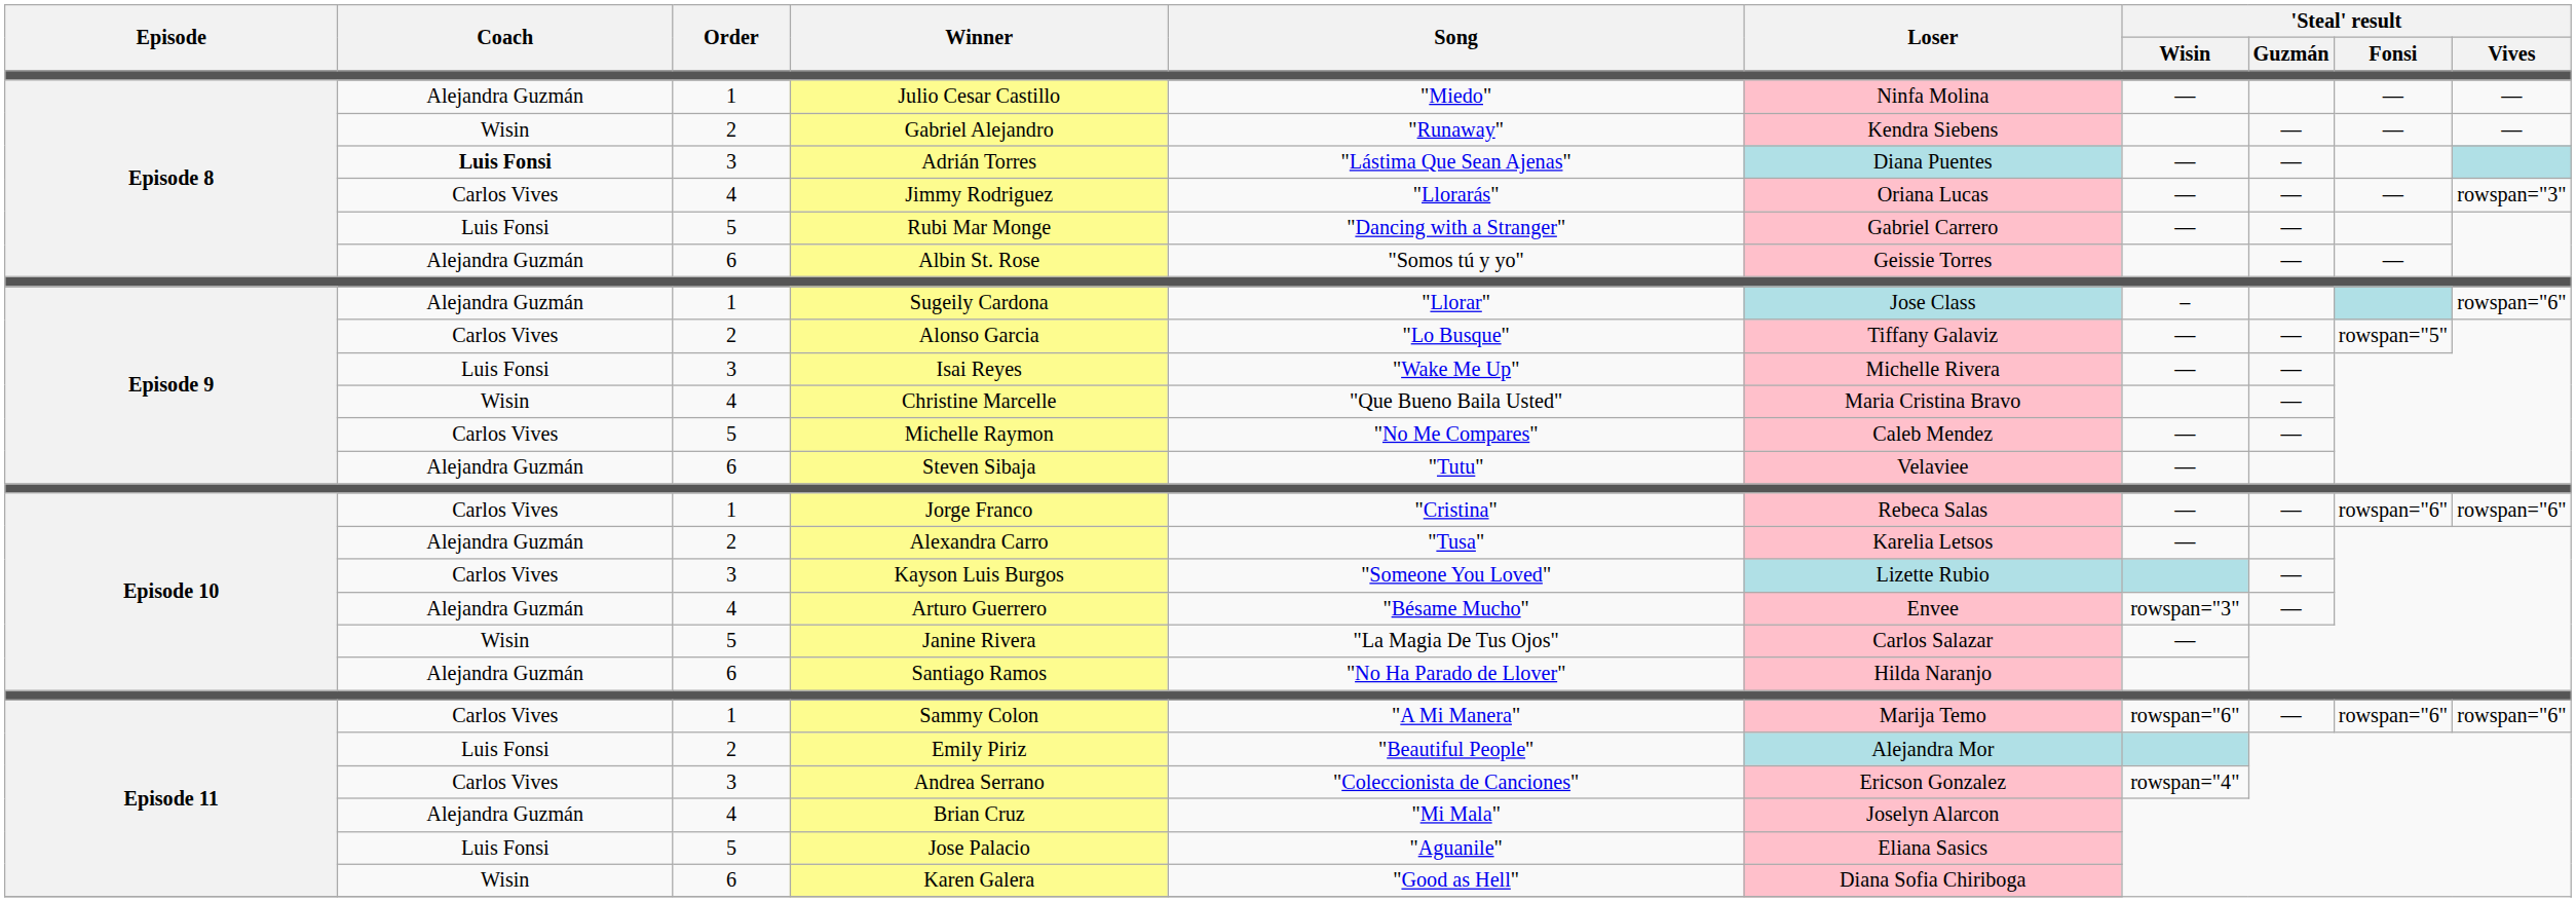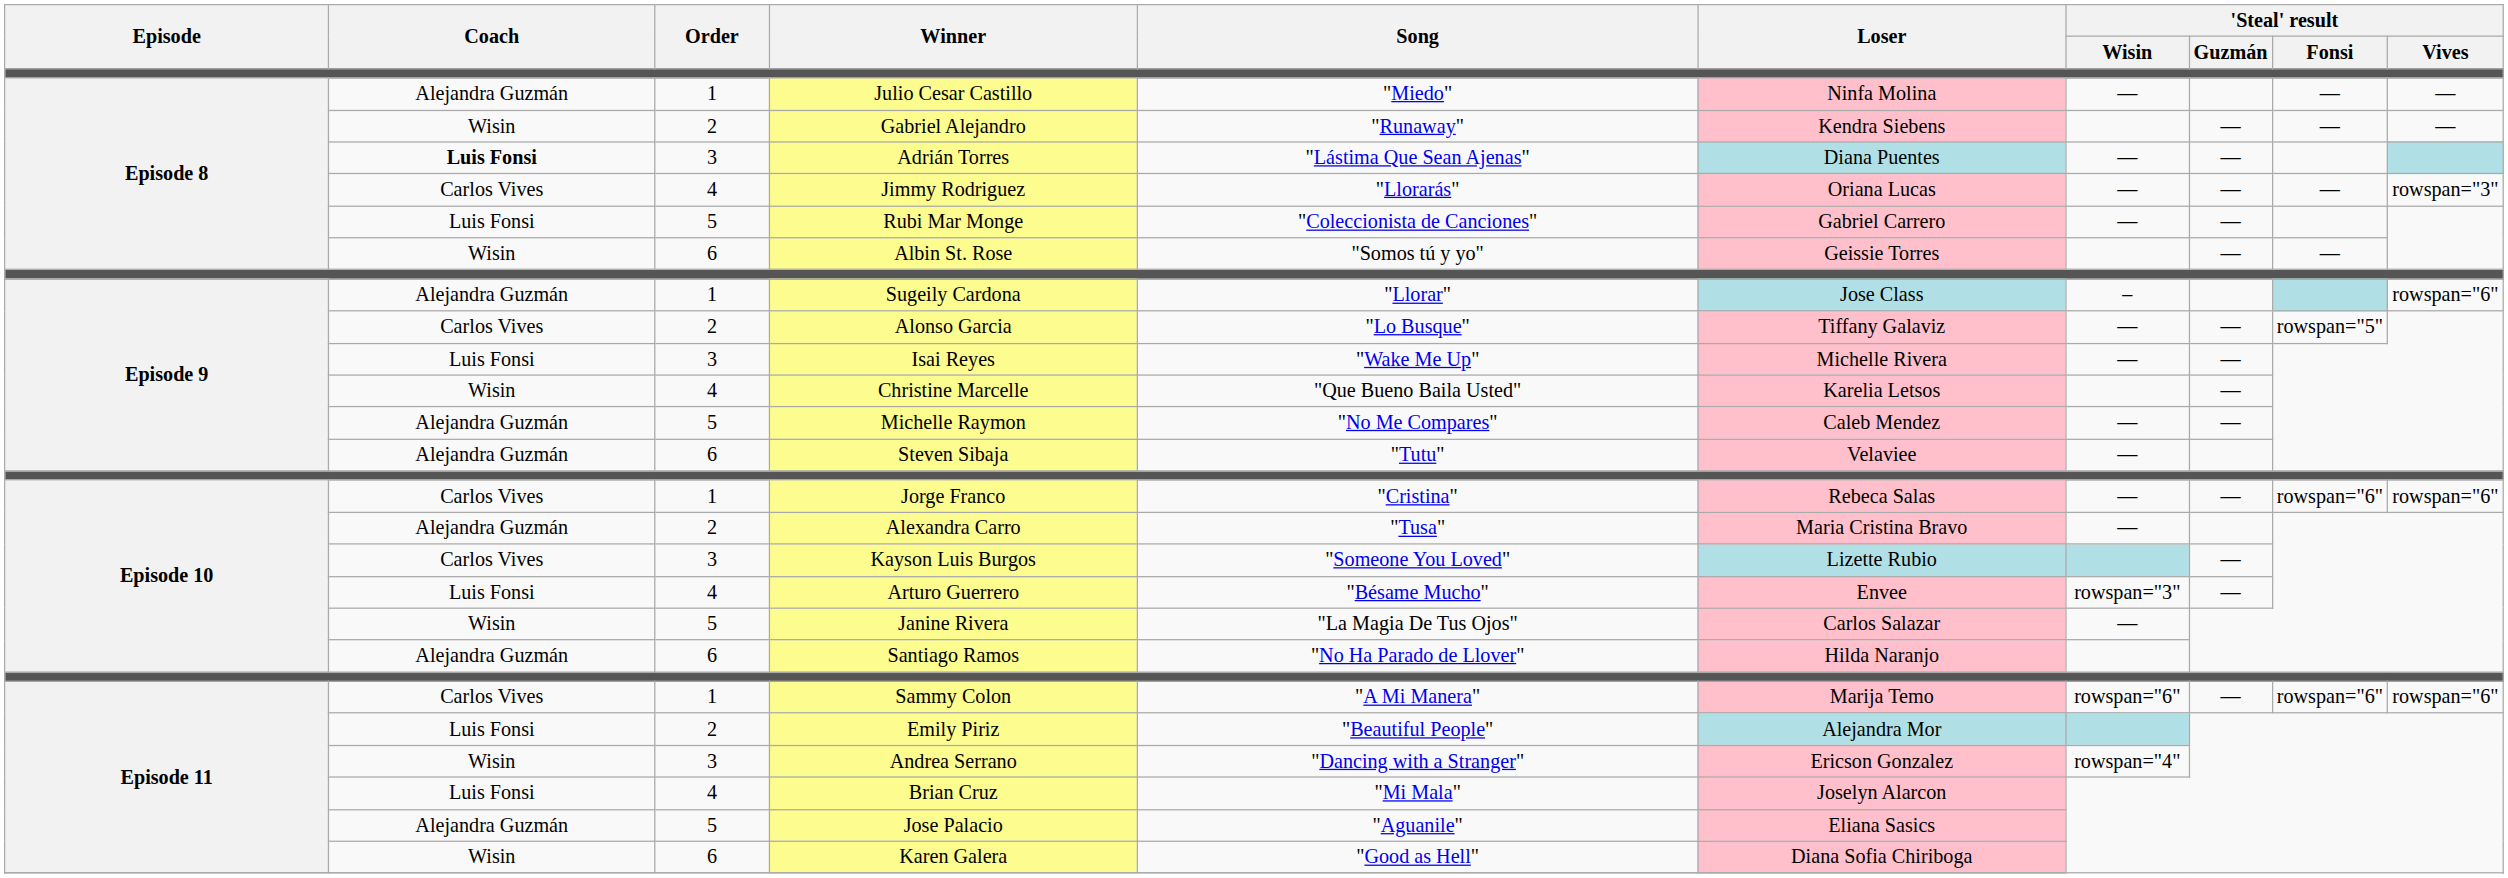 <table class="wikitable" style="text-align: center; width:100%;">
 <tr>
 <th rowspan="2" style="width:15%;">Episode</th>
 <th rowspan="2" style="width:15%;">Coach</th>
 <th rowspan="2" style="width:05%;">Order</th>
 <th rowspan="2" style="width:17%;">Winner</th>
 <th rowspan="2" style="width:26%;">Song</th>
 <th rowspan="2" style="width:17%;">Loser</th>
 <th colspan="4" style="width:20%;">'Steal' result</th>
 </tr>
 <tr>
 <th style="width:05%;">Wisin</th>
 <th style="width:05%;">Guzmán</th>
 <th style="width:05%;">Fonsi</th>
 <th style="width:05%;">Vives</th>
 </tr>
 <tr>
 <td colspan="10" style="background:#555;"></td>
 </tr>
 <tr>
 <th rowspan="6">Episode 8 <br><small></small></th>
 <td>Alejandra Guzmán</td>
 <td>1</td>
 <td style="background:#fdfc8f;">Julio Cesar Castillo</td>
 <td>"<a href='#'>Miedo</a>"</td>
 <td style="background:pink;">Ninfa Molina</td>
 <td>—</td>
 <td></td>
 <td>—</td>
 <td>—</td>
 </tr>
 <tr>
 <td>Wisin</td>
 <td>2</td>
 <td style="background:#fdfc8f;">Gabriel Alejandro</td>
 <td>"<a href='#'>Runaway</a>"</td>
 <td style="background:pink;">Kendra Siebens</td>
 <td></td>
 <td>—</td>
 <td>—</td>
 <td>—</td>
 </tr>
 <tr>
 <td><strong>Luis Fonsi</strong></td>
 <td>3</td>
 <td style="background:#fdfc8f;">Adrián Torres</td>
 <td>"<a href='#'>Lástima Que Sean Ajenas</a>"</td>
 <td style="background:#b0e0e6;">Diana Puentes</td>
 <td>—</td>
 <td>—</td>
 <td></td>
 <td style="background:#b0e0e6;"><strong></strong></td>
 </tr>
 <tr>
 <td>Carlos Vives</td>
 <td>4</td>
 <td style="background:#fdfc8f;">Jimmy Rodriguez</td>
 <td>"<a href='#'>Llorarás</a>"</td>
 <td style="background:pink;">Oriana Lucas</td>
 <td>—</td>
 <td>—</td>
 <td>—</td>
 <td>rowspan="3" </td>
 </tr>
 <tr>
 <td>Luis Fonsi</td>
 <td>5</td>
 <td style="background:#fdfc8f;">Rubi Mar Monge</td>
-<td>"<a href='#'>Dancing with a Stranger</a>"</td>
+<td>"<a href='#'>Coleccionista de Canciones</a>"</td>
 <td style="background:pink;">Gabriel Carrero</td>
 <td>—</td>
 <td>—</td>
 <td></td>
 </tr>
 <tr>
-<td>Alejandra Guzmán</td>
+<td>Wisin</td>
 <td>6</td>
 <td style="background:#fdfc8f;">Albin St. Rose</td>
 <td>"Somos tú y yo"</td>
 <td style="background:pink;">Geissie Torres</td>
 <td></td>
 <td>—</td>
 <td>—</td>
 </tr>
 <tr>
 <td colspan="10" style="background:#555;"></td>
 </tr>
 <tr>
 <th rowspan="6">Episode 9 <br><small></small></th>
 <td>Alejandra Guzmán</td>
 <td>1</td>
 <td style="background:#fdfc8f;">Sugeily Cardona</td>
 <td>"<a href='#'>Llorar</a>"</td>
 <td style="background:#b0e0e6;">Jose Class</td>
 <td>–</td>
 <td></td>
 <td style="background:#b0e0e6;"><strong></strong></td>
 <td>rowspan="6" </td>
 </tr>
 <tr>
 <td>Carlos Vives</td>
 <td>2</td>
 <td style="background:#fdfc8f;">Alonso Garcia</td>
 <td>"<a href='#'>Lo Busque</a>"</td>
 <td style="background:pink;">Tiffany Galaviz</td>
 <td>—</td>
 <td>—</td>
 <td>rowspan="5" </td>
 </tr>
 <tr>
 <td>Luis Fonsi</td>
 <td>3</td>
 <td style="background:#fdfc8f;">Isai Reyes</td>
 <td>"<a href='#'>Wake Me Up</a>"</td>
 <td style="background:pink;">Michelle Rivera</td>
 <td>—</td>
 <td>—</td>
 </tr>
 <tr>
 <td>Wisin</td>
 <td>4</td>
 <td style="background:#fdfc8f;">Christine Marcelle</td>
 <td>"Que Bueno Baila Usted"</td>
-<td style="background:pink;">Maria Cristina Bravo</td>
+<td style="background:pink;">Karelia Letsos</td>
 <td></td>
 <td>—</td>
 </tr>
 <tr>
-<td>Carlos Vives</td>
+<td>Alejandra Guzmán</td>
 <td>5</td>
 <td style="background:#fdfc8f;">Michelle Raymon</td>
 <td>"<a href='#'>No Me Compares</a>"</td>
 <td style="background:pink;">Caleb Mendez</td>
 <td>—</td>
 <td>—</td>
 </tr>
 <tr>
 <td>Alejandra Guzmán</td>
 <td>6</td>
 <td style="background:#fdfc8f;">Steven Sibaja</td>
 <td>"<a href='#'>Tutu</a>"</td>
 <td style="background:pink;">Velaviee</td>
 <td>—</td>
 <td></td>
 </tr>
 <tr>
 <td colspan="10" style="background:#555;"></td>
 </tr>
 <tr>
 <th rowspan="6">Episode 10 <br><small></small></th>
 <td>Carlos Vives</td>
 <td>1</td>
 <td style="background:#fdfc8f;">Jorge Franco</td>
 <td>"<a href='#'>Cristina</a>"</td>
 <td style="background:pink;">Rebeca Salas</td>
 <td>—</td>
 <td>—</td>
 <td>rowspan="6" </td>
 <td>rowspan="6" </td>
 </tr>
 <tr>
 <td>Alejandra Guzmán</td>
 <td>2</td>
 <td style="background:#fdfc8f;">Alexandra Carro</td>
 <td>"<a href='#'>Tusa</a>"</td>
-<td style="background:pink;">Karelia Letsos</td>
+<td style="background:pink;">Maria Cristina Bravo</td>
 <td>—</td>
 <td></td>
 </tr>
 <tr>
 <td>Carlos Vives</td>
 <td>3</td>
 <td style="background:#fdfc8f;">Kayson Luis Burgos</td>
 <td>"<a href='#'>Someone You Loved</a>"</td>
 <td style="background:#b0e0e6;">Lizette Rubio</td>
 <td style="background:#b0e0e6;"><strong></strong></td>
 <td>—</td>
 </tr>
 <tr>
-<td>Alejandra Guzmán</td>
+<td>Luis Fonsi</td>
 <td>4</td>
 <td style="background:#fdfc8f;">Arturo Guerrero</td>
 <td>"<a href='#'>Bésame Mucho</a>"</td>
 <td style="background:pink;">Envee</td>
 <td>rowspan="3" </td>
 <td>—</td>
 </tr>
 <tr>
 <td>Wisin</td>
 <td>5</td>
 <td style="background:#fdfc8f;">Janine Rivera</td>
 <td>"La Magia De Tus Ojos"</td>
 <td style="background:pink;">Carlos Salazar</td>
 <td>—</td>
 </tr>
 <tr>
 <td>Alejandra Guzmán</td>
 <td>6</td>
 <td style="background:#fdfc8f;">Santiago Ramos</td>
 <td>"<a href='#'>No Ha Parado de Llover</a>"</td>
 <td style="background:pink;">Hilda Naranjo</td>
 <td></td>
 </tr>
 <tr>
 <td colspan="10" style="background:#555;"></td>
 </tr>
 <tr>
 <th rowspan="6">Episode 11 <br><small></small></th>
 <td>Carlos Vives</td>
 <td>1</td>
 <td style="background:#fdfc8f;">Sammy Colon</td>
 <td>"<a href='#'>A Mi Manera</a>"</td>
 <td style="background:pink;">Marija Temo</td>
 <td>rowspan="6" </td>
 <td>—</td>
 <td>rowspan="6" </td>
 <td>rowspan="6" </td>
 </tr>
 <tr>
 <td>Luis Fonsi</td>
 <td>2</td>
 <td style="background:#fdfc8f;">Emily Piriz</td>
 <td>"<a href='#'>Beautiful People</a>"</td>
 <td style="background:#b0e0e6;">Alejandra Mor</td>
 <td style="background:#b0e0e6;"><strong></strong></td>
 </tr>
 <tr>
-<td>Carlos Vives</td>
+<td>Wisin</td>
 <td>3</td>
 <td style="background:#fdfc8f;">Andrea Serrano</td>
-<td>"<a href='#'>Coleccionista de Canciones</a>"</td>
+<td>"<a href='#'>Dancing with a Stranger</a>"</td>
 <td style="background:pink;">Ericson Gonzalez</td>
 <td>rowspan="4" </td>
 </tr>
 <tr>
-<td>Alejandra Guzmán</td>
+<td>Luis Fonsi</td>
 <td>4</td>
 <td style="background:#fdfc8f;">Brian Cruz</td>
 <td>"<a href='#'>Mi Mala</a>"</td>
 <td style="background:pink;">Joselyn Alarcon</td>
 </tr>
 <tr>
-<td>Luis Fonsi</td>
+<td>Alejandra Guzmán</td>
 <td>5</td>
 <td style="background:#fdfc8f;">Jose Palacio</td>
 <td>"<a href='#'>Aguanile</a>"</td>
 <td style="background:pink;">Eliana Sasics</td>
 </tr>
 <tr>
 <td>Wisin</td>
 <td>6</td>
 <td style="background:#fdfc8f;">Karen Galera</td>
 <td>"<a href='#'>Good as Hell</a>"</td>
 <td style="background:pink;">Diana Sofia Chiriboga</td>
 </tr>
 <tr>
 </tr>
 </table>
